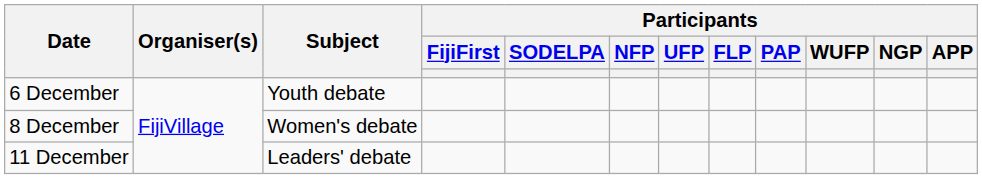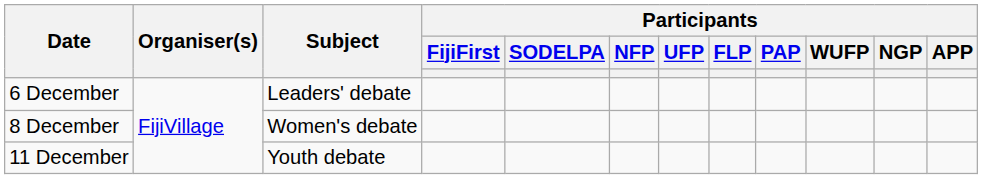 <table class="wikitable">
 <tr>
 <th rowspan="3">Date</th>
 <th rowspan="3">Organiser(s)</th>
 <th rowspan="3">Subject</th>
 <th colspan="9">Participants</th>
 </tr>
 <tr>
 <th><a href='#'>FijiFirst</a></th>
 <th><a href='#'>SODELPA</a></th>
 <th><a href='#'>NFP</a></th>
 <th><a href='#'>UFP</a></th>
 <th><a href='#'>FLP</a></th>
 <th><a href='#'>PAP</a></th>
 <th>WUFP</th>
 <th>NGP</th>
 <th>APP</th>
 </tr>
 <tr>
 <th style="background:"></th>
 <th style="background:"></th>
 <th style="background:"></th>
 <th style="background:"></th>
 <th style="background:"></th>
 <th style="background:"></th>
 <th style="background:"></th>
 <th style="background:"></th>
 <th style="background:"></th>
 </tr>
 <tr>
 <td>6 December</td>
 <td rowspan="3"><a href='#'>FijiVillage</a></td>
-<td>Youth debate</td>
+<td>Leaders' debate</td>
 <td></td>
 <td></td>
 <td></td>
 <td></td>
 <td></td>
 <td></td>
 <td></td>
 <td></td>
 <td></td>
 </tr>
 <tr>
 <td>8 December</td>
 <td>Women's debate</td>
 <td></td>
 <td></td>
 <td></td>
 <td></td>
 <td></td>
 <td></td>
 <td></td>
 <td></td>
 <td></td>
 </tr>
 <tr>
 <td>11 December</td>
-<td>Leaders' debate</td>
+<td>Youth debate</td>
 <td></td>
 <td></td>
 <td></td>
 <td></td>
 <td></td>
 <td></td>
 <td></td>
 <td></td>
 <td></td>
 </tr>
 </table>
